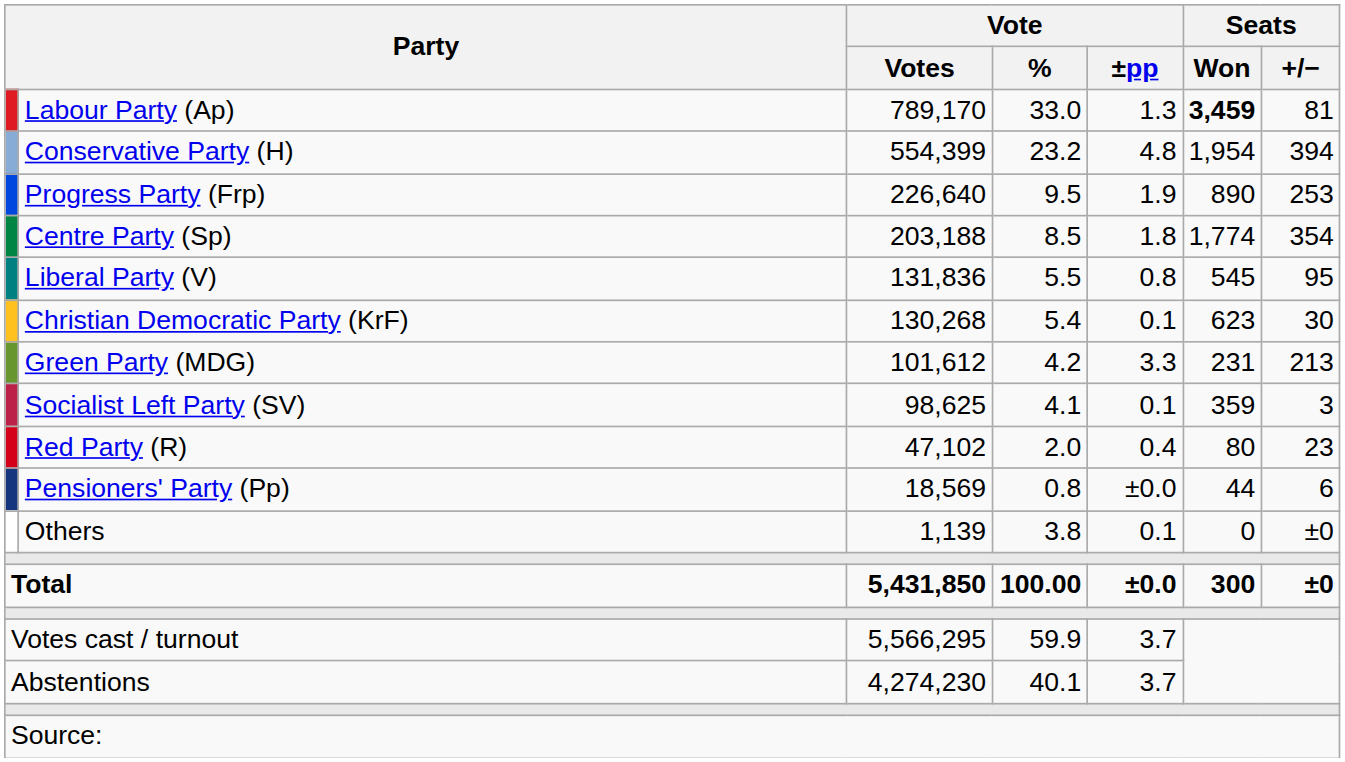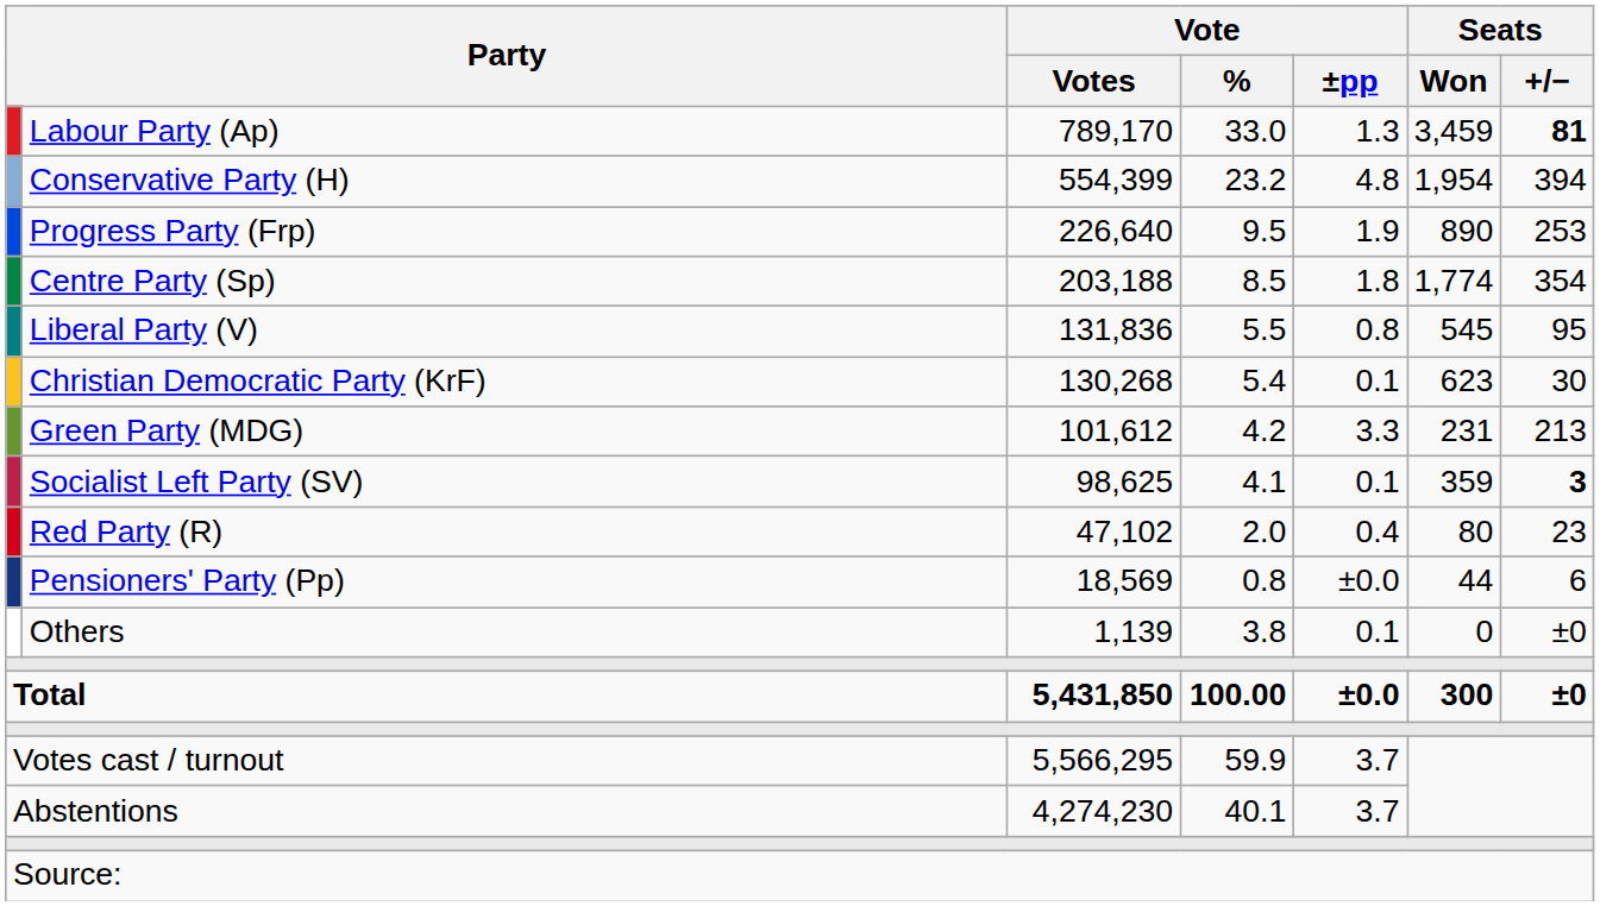 <table class="wikitable" style="text-align:right; font-size:100%;">
 <tr>
 <th align="left" rowspan="2" colspan="2" width="500">Party</th>
 <th colspan="3">Vote</th>
 <th colspan="2">Seats</th>
 </tr>
 <tr>
 <th width="80">Votes</th>
 <th width="50">%</th>
 <th width="50">±<a href='#'>pp</a></th>
 <th width="40">Won</th>
 <th width="40">+/−</th>
 </tr>
 <tr>
 <td width="1" style="color:inherit;background:#df1a22"></td>
 <td align="left"><a href='#'>Labour Party</a> (Ap)</td>
 <td>789,170</td>
 <td>33.0</td>
 <td>1.3</td>
-<td><strong>3,459</strong></td>
-<td>81</td>
+<td>3,459</td>
+<td><strong>81</strong></td>
 </tr>
 <tr>
 <td style="color:inherit;background:#87add7"></td>
 <td align="left"><a href='#'>Conservative Party</a> (H)</td>
 <td>554,399</td>
 <td>23.2</td>
 <td>4.8</td>
 <td>1,954</td>
 <td>394</td>
 </tr>
 <tr>
 <td style="color:inherit;background:#0047e0"></td>
 <td align="left"><a href='#'>Progress Party</a> (Frp)</td>
 <td>226,640</td>
 <td>9.5</td>
 <td>1.9</td>
 <td>890</td>
 <td>253</td>
 </tr>
 <tr>
 <td style="color:inherit;background:#008542"></td>
 <td align="left"><a href='#'>Centre Party</a> (Sp)</td>
 <td>203,188</td>
 <td>8.5</td>
 <td>1.8</td>
 <td>1,774</td>
 <td>354</td>
 </tr>
 <tr>
 <td style="color:inherit;background:#008080"></td>
 <td align="left"><a href='#'>Liberal Party</a> (V)</td>
 <td>131,836</td>
 <td>5.5</td>
 <td>0.8</td>
 <td>545</td>
 <td>95</td>
 </tr>
 <tr>
 <td style="color:inherit;background:#fec11e"></td>
 <td align="left"><a href='#'>Christian Democratic Party</a> (KrF)</td>
 <td>130,268</td>
 <td>5.4</td>
 <td>0.1</td>
 <td>623</td>
 <td>30</td>
 </tr>
 <tr>
 <td style="color:inherit;background:#67962e"></td>
 <td align="left"><a href='#'>Green Party</a> (MDG)</td>
 <td>101,612</td>
 <td>4.2</td>
 <td>3.3</td>
 <td>231</td>
 <td>213</td>
 </tr>
 <tr>
 <td style="color:inherit;background:#bc2149"></td>
 <td align="left"><a href='#'>Socialist Left Party</a> (SV)</td>
 <td>98,625</td>
 <td>4.1</td>
 <td>0.1</td>
 <td>359</td>
-<td>3</td>
+<td><strong>3</strong></td>
 </tr>
 <tr>
 <td style="color:inherit;background:#d4001a"></td>
 <td align="left"><a href='#'>Red Party</a> (R)</td>
 <td>47,102</td>
 <td>2.0</td>
 <td>0.4</td>
 <td>80</td>
 <td>23</td>
 </tr>
 <tr>
 <td style="color:inherit;background:#15357e"></td>
 <td align="left"><a href='#'>Pensioners' Party</a> (Pp)</td>
 <td>18,569</td>
 <td>0.8</td>
 <td>±0.0</td>
 <td>44</td>
 <td>6</td>
 </tr>
 <tr>
 <td bgcolor="white"></td>
 <td align="left">Others</td>
 <td>1,139</td>
 <td>3.8</td>
 <td>0.1</td>
 <td>0</td>
 <td>±0</td>
 </tr>
 <tr>
 <td colspan="7" bgcolor="#E9E9E9"></td>
 </tr>
 <tr style="font-weight:bold;">
 <td align="left" colspan="2">Total</td>
 <td>5,431,850</td>
 <td>100.00</td>
 <td>±0.0</td>
 <td>300</td>
 <td>±0</td>
 </tr>
 <tr>
 <td colspan="7" bgcolor="#E9E9E9"></td>
 </tr>
 <tr>
 <td align="left" colspan="2">Votes cast / turnout</td>
 <td>5,566,295</td>
 <td>59.9</td>
 <td>3.7</td>
 </tr>
 <tr>
 <td align="left" colspan="2">Abstentions</td>
 <td>4,274,230</td>
 <td>40.1</td>
 <td>3.7</td>
 </tr>
 <tr style="font-weight:bold;">
 <td colspan="7" bgcolor="#E9E9E9"></td>
 </tr>
 <tr>
 <td align="left" colspan="7">Source: </td>
 </tr>
 </table>
